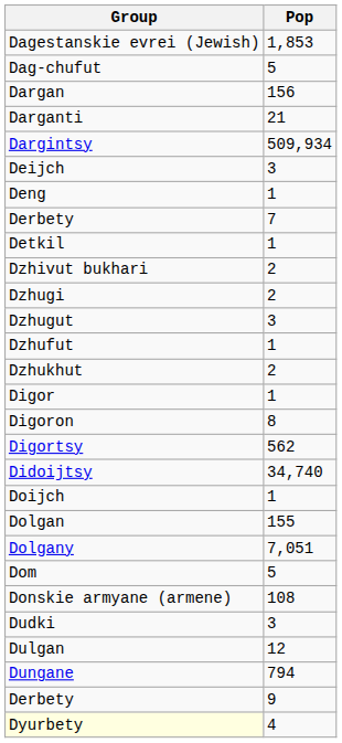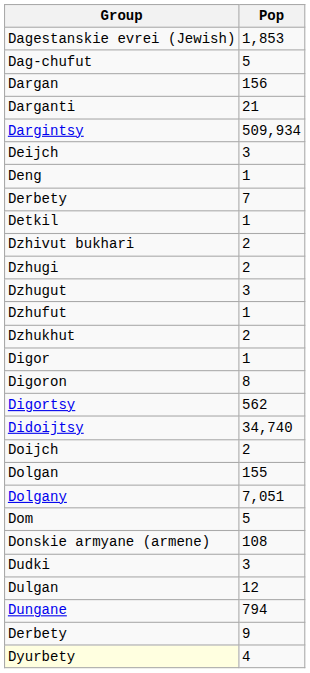 <table class = "wikitable sortable">
 <tr>
 <th>Group</th>
 <th>Pop</th>
 </tr>
 <tr>
 <td>Dagestanskie evrei (Jewish)</td>
 <td>1,853</td>
 </tr>
 <tr>
 <td>Dag-chufut</td>
 <td>5</td>
 </tr>
 <tr>
 <td>Dargan</td>
 <td>156</td>
 </tr>
 <tr>
 <td>Darganti</td>
 <td>21</td>
 </tr>
 <tr>
 <td><a href='#'>Dargintsy</a></td>
 <td>509,934</td>
 </tr>
 <tr>
 <td>Deijch</td>
 <td>3</td>
 </tr>
 <tr>
 <td>Deng</td>
 <td>1</td>
 </tr>
 <tr>
 <td>Derbety</td>
 <td>7</td>
 </tr>
 <tr>
 <td>Detkil</td>
 <td>1</td>
 </tr>
 <tr>
 <td>Dzhivut bukhari</td>
 <td>2</td>
 </tr>
 <tr>
 <td>Dzhugi</td>
 <td>2</td>
 </tr>
 <tr>
 <td>Dzhugut</td>
 <td>3</td>
 </tr>
 <tr>
 <td>Dzhufut</td>
 <td>1</td>
 </tr>
 <tr>
 <td>Dzhukhut</td>
 <td>2</td>
 </tr>
 <tr>
 <td>Digor</td>
 <td>1</td>
 </tr>
 <tr>
 <td>Digoron</td>
 <td>8</td>
 </tr>
 <tr>
 <td><a href='#'>Digortsy</a></td>
 <td>562</td>
 </tr>
 <tr>
 <td><a href='#'>Didoijtsy</a></td>
 <td>34,740</td>
 </tr>
 <tr>
 <td>Doijch</td>
-<td>1</td>
+<td>2</td>
 </tr>
 <tr>
 <td>Dolgan</td>
 <td>155</td>
 </tr>
 <tr>
 <td><a href='#'>Dolgany</a></td>
 <td>7,051</td>
 </tr>
 <tr>
 <td>Dom</td>
 <td>5</td>
 </tr>
 <tr>
 <td>Donskie armyane (armene)</td>
 <td>108</td>
 </tr>
 <tr>
 <td>Dudki</td>
 <td>3</td>
 </tr>
 <tr>
 <td>Dulgan</td>
 <td>12</td>
 </tr>
 <tr>
 <td><a href='#'>Dungane</a></td>
 <td>794</td>
 </tr>
 <tr>
 <td>Derbety</td>
 <td>9</td>
 </tr>
 <tr>
 <td style="background: lightyellow;">Dyurbety</td>
 <td>4</td>
 </tr>
 </table>
